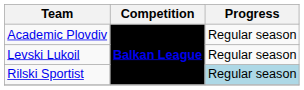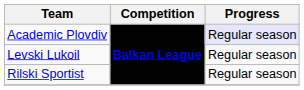 <table class="wikitable sortable">
 <tr>
 <th>Team</th>
 <th>Competition</th>
 <th>Progress</th>
 </tr>
 <tr>
 <td><a href='#'>Academic Plovdiv</a></td>
 <td align="center" style="background:black;" rowspan=3><a href='#'><span><strong>Balkan League</strong></span></a></td>
-<td>Regular season</td>
+<td style="background: lavender;">Regular season</td>
 </tr>
 <tr>
 <td><a href='#'>Levski Lukoil</a></td>
 <td>Regular season</td>
 </tr>
 <tr>
 <td><a href='#'>Rilski Sportist</a></td>
-<td style="background: lightblue;">Regular season</td>
+<td>Regular season</td>
 </tr>
 <tr>
 </tr>
 </table>
